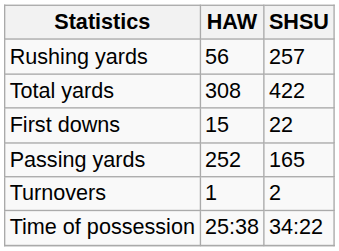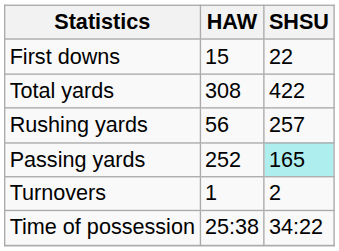 <table class="wikitable" style="float: left;">
 <tr>
 <th>Statistics</th>
 <th>HAW</th>
 <th>SHSU</th>
 </tr>
 <tr>
-<td>Rushing yards</td>
-<td>56</td>
-<td>257</td>
+<td>First downs</td>
+<td>15</td>
+<td>22</td>
 </tr>
 <tr>
 <td>Total yards</td>
 <td>308</td>
 <td>422</td>
 </tr>
 <tr>
-<td>First downs</td>
-<td>15</td>
-<td>22</td>
+<td>Rushing yards</td>
+<td>56</td>
+<td>257</td>
 </tr>
 <tr>
 <td>Passing yards</td>
 <td>252</td>
-<td>165</td>
+<td style="background: paleturquoise;">165</td>
 </tr>
 <tr>
 <td>Turnovers</td>
 <td>1</td>
 <td>2</td>
 </tr>
 <tr>
 <td>Time of possession</td>
 <td>25:38</td>
 <td>34:22</td>
 </tr>
 <tr>
 </tr>
 </table>
